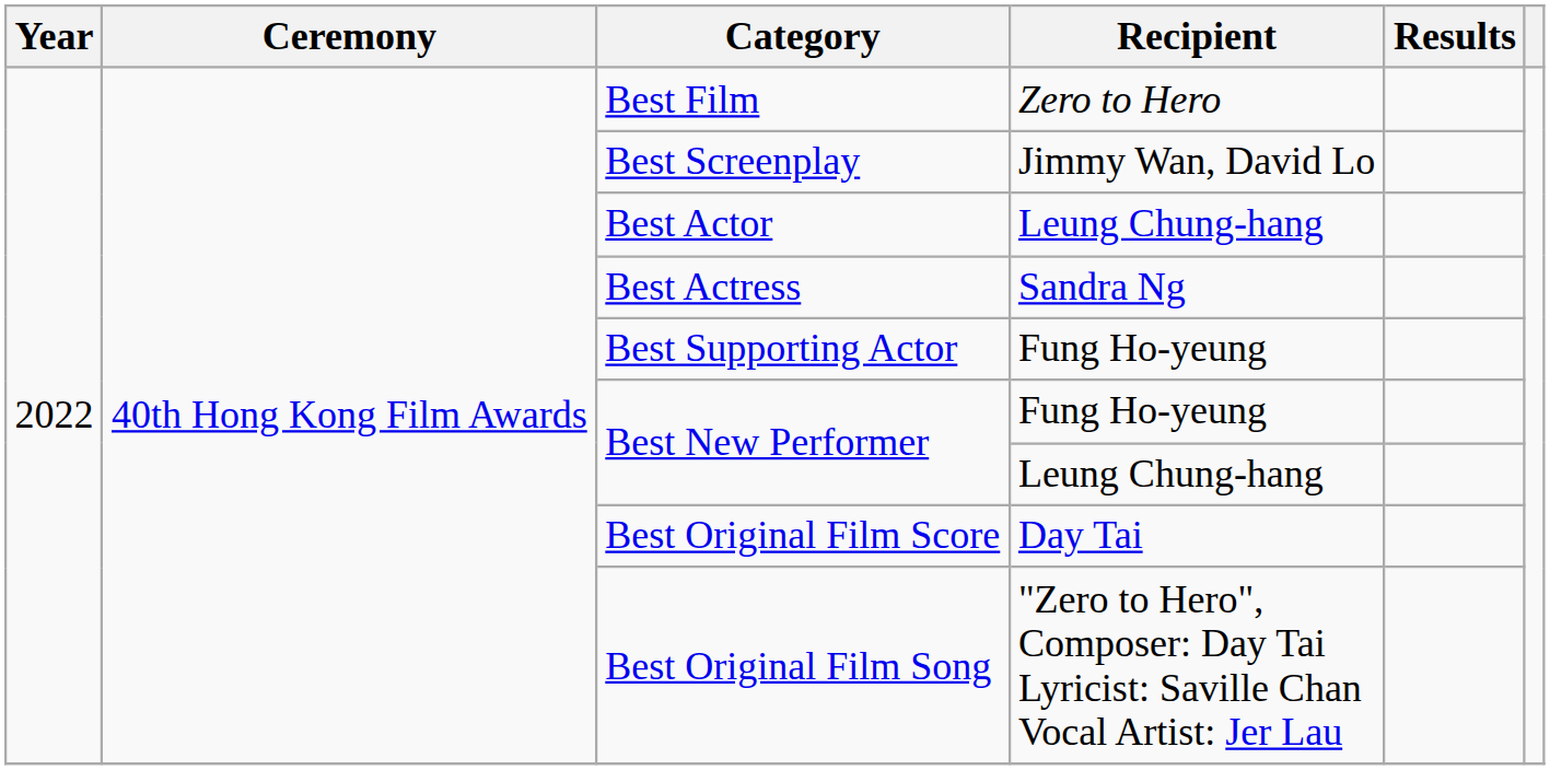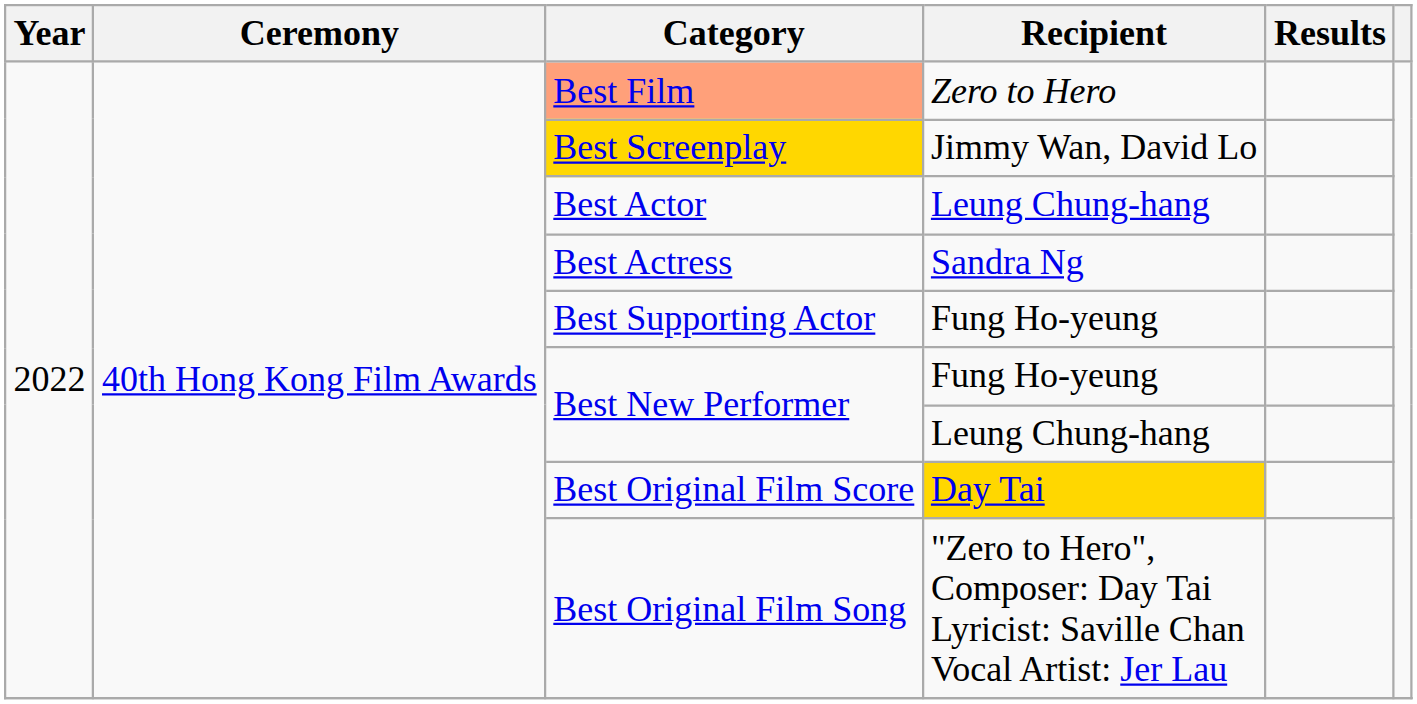 <table class="wikitable">
 <tr>
 <th>Year</th>
 <th>Ceremony</th>
 <th>Category</th>
 <th>Recipient</th>
 <th>Results</th>
 <th scope="col" class="unsortable"></th>
 </tr>
 <tr>
 <td rowspan=9>2022</td>
 <td rowspan=9><a href='#'>40th Hong Kong Film Awards</a></td>
-<td><a href='#'>Best Film</a></td>
+<td style="background: lightsalmon;"><a href='#'>Best Film</a></td>
 <td><em>Zero to Hero</em></td>
 <td></td>
 <td style="text-align: center;" rowspan=9></td>
 </tr>
 <tr>
-<td><a href='#'>Best Screenplay</a></td>
+<td style="background: gold;"><a href='#'>Best Screenplay</a></td>
 <td>Jimmy Wan, David Lo</td>
 <td></td>
 </tr>
 <tr>
 <td><a href='#'>Best Actor</a></td>
 <td><a href='#'>Leung Chung-hang</a></td>
 <td></td>
 </tr>
 <tr>
 <td><a href='#'>Best Actress</a></td>
 <td><a href='#'>Sandra Ng</a></td>
 <td></td>
 </tr>
 <tr>
 <td><a href='#'>Best Supporting Actor</a></td>
 <td>Fung Ho-yeung</td>
 <td></td>
 </tr>
 <tr>
 <td rowspan=2><a href='#'>Best New Performer</a></td>
 <td>Fung Ho-yeung</td>
 <td></td>
 </tr>
 <tr>
 <td>Leung Chung-hang</td>
 <td></td>
 </tr>
 <tr>
 <td><a href='#'>Best Original Film Score</a></td>
-<td><a href='#'>Day Tai</a></td>
+<td style="background: gold;"><a href='#'>Day Tai</a></td>
 <td></td>
 </tr>
 <tr>
 <td><a href='#'>Best Original Film Song</a></td>
 <td>"Zero to Hero", <br>Composer: Day Tai<br>Lyricist: Saville Chan<br>Vocal Artist: <a href='#'>Jer Lau</a></td>
 <td></td>
 </tr>
 <tr>
 </tr>
 </table>
